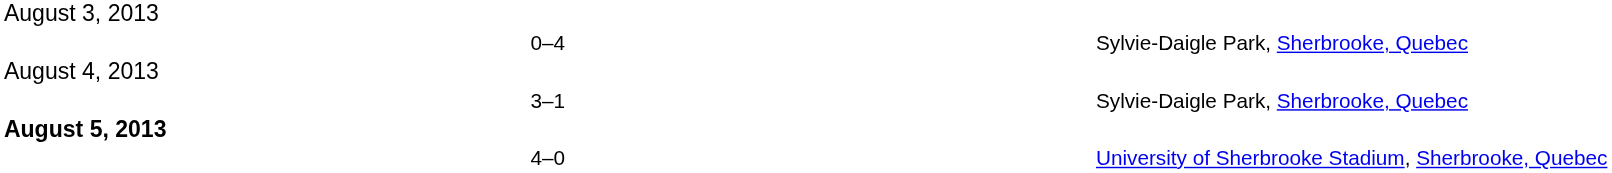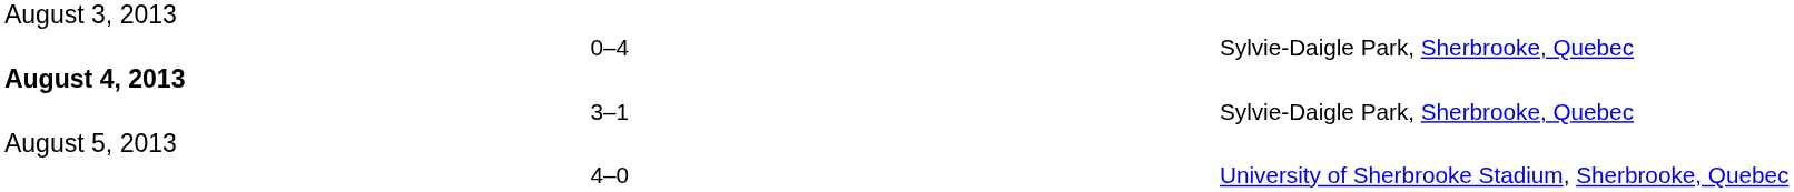 <table style="width:100%;" cellspacing="1">
 <tr>
 <th width=25%></th>
 <th width=10%></th>
 <th width=25%></th>
 </tr>
 <tr>
 <td>August 3, 2013</td>
 </tr>
 <tr style=font-size:90%>
 <td align=right></td>
 <td align=center>0–4</td>
 <td></td>
 <td>Sylvie-Daigle Park, <a href='#'>Sherbrooke, Quebec</a></td>
 </tr>
 <tr>
-<td>August 4, 2013</td>
+<td><strong>August 4, 2013</strong></td>
 </tr>
 <tr style=font-size:90%>
 <td align=right></td>
 <td align=center>3–1</td>
 <td></td>
 <td>Sylvie-Daigle Park, <a href='#'>Sherbrooke, Quebec</a></td>
 </tr>
 <tr>
-<td><strong>August 5, 2013</strong></td>
+<td>August 5, 2013</td>
 </tr>
 <tr style=font-size:90%>
 <td align=right></td>
 <td align=center>4–0</td>
 <td></td>
 <td><a href='#'>University of Sherbrooke Stadium</a>, <a href='#'>Sherbrooke, Quebec</a></td>
 </tr>
 </table>
